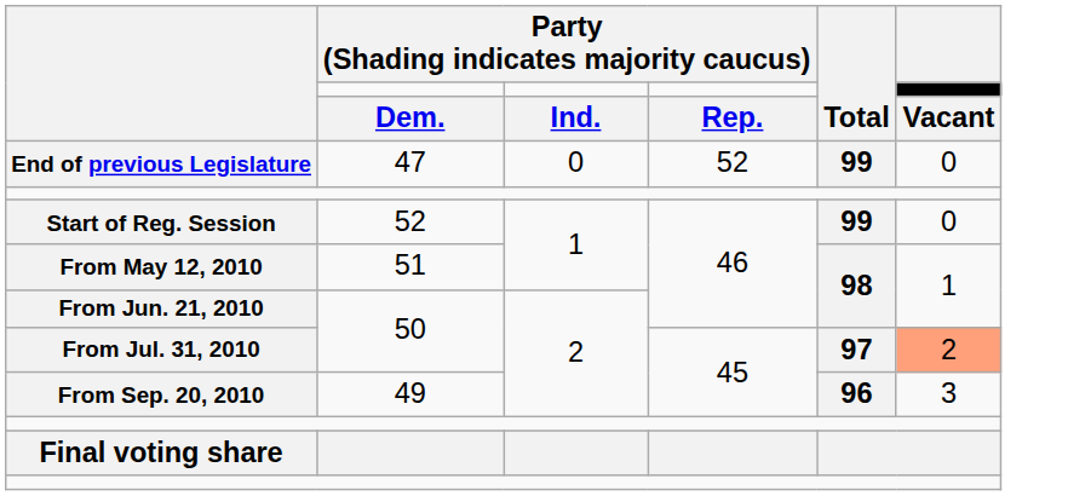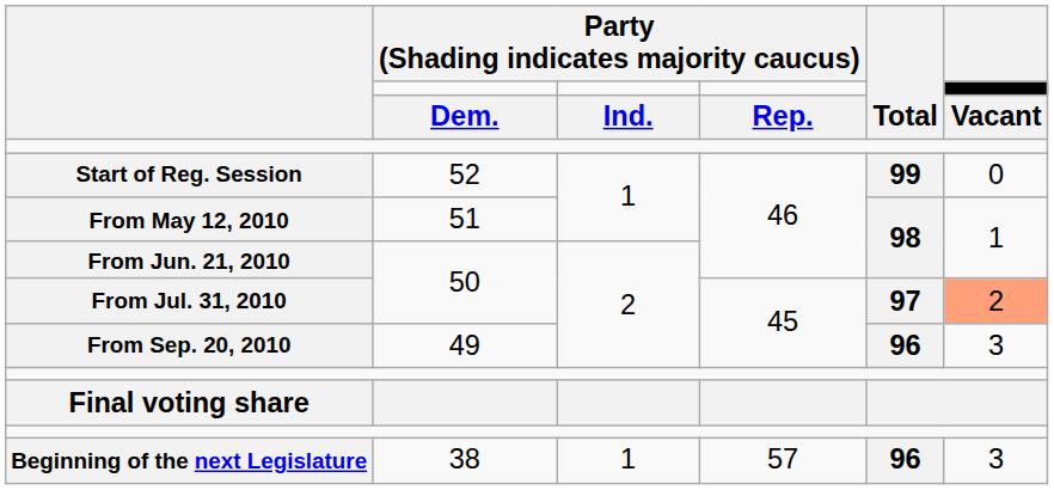 <table class=wikitable style="text-align:center">
 <tr style="vertical-align:bottom;">
 <th rowspan=3></th>
 <th colspan=3>Party <div>(Shading indicates majority caucus)</div></th>
 <th rowspan=3>Total</th>
 <th></th>
 </tr>
 <tr style="height:5px">
 <td style="background-color:"></td>
 <td style="background-color:"></td>
 <td style="background-color:"></td>
 <td style="background-color:black"></td>
 </tr>
 <tr>
 <th><a href='#'>Dem.</a></th>
 <th><a href='#'>Ind.</a></th>
 <th><a href='#'>Rep.</a></th>
 <th>Vacant</th>
-</tr>
-<tr>
-<th nowrap style="font-size:80%">End of <a href='#'>previous Legislature</a></th>
-<td>47</td>
-<td>0</td>
-<td>52</td>
-<th>99</th>
-<td>0</td>
 </tr>
 <tr>
 <td colspan=6></td>
 </tr>
 <tr>
 <th nowrap style="font-size:80%">Start of Reg. Session</th>
 <td>52</td>
 <td rowspan="2">1</td>
 <td rowspan="3">46</td>
 <th>99</th>
 <td>0</td>
 </tr>
 <tr>
 <th nowrap style="font-size:80%">From May 12, 2010</th>
 <td>51</td>
 <th rowspan="2">98</th>
 <td rowspan="2">1</td>
 </tr>
 <tr>
 <th nowrap style="font-size:80%">From Jun. 21, 2010</th>
 <td rowspan="2" >50</td>
 <td rowspan="3">2</td>
 </tr>
 <tr>
 <th nowrap style="font-size:80%">From Jul. 31, 2010</th>
 <td rowspan="2">45</td>
 <th>97</th>
 <td style="background: lightsalmon;">2</td>
 </tr>
 <tr>
 <th nowrap style="font-size:80%">From Sep. 20, 2010</th>
 <td>49</td>
 <th>96</th>
 <td>3</td>
 </tr>
 <tr>
 <td colspan=6></td>
 </tr>
 <tr>
 <th>Final voting share</th>
 <th></th>
 <th></th>
 <th></th>
 <th colspan=2></th>
 </tr>
 <tr>
 <td colspan=6></td>
 </tr>
+<tr>
+<th style="white-space:nowrap; font-size:80%;">Beginning of the <a href='#'>next Legislature</a></th>
+<td>38</td>
+<td>1</td>
+<td>57</td>
+<th>96</th>
+<td>3</td>
+</tr>
 </table>
